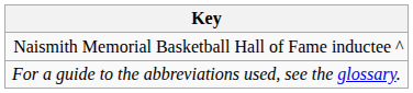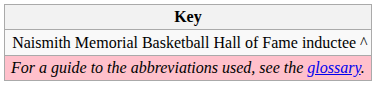 <table class="wikitable">
 <tr>
 <th colspan=2>Key</th>
 </tr>
 <tr>
 <td style="text-align:center;">  Naismith Memorial Basketball Hall of Fame inductee ^<br></td>
 </tr>
 <tr>
-<td colspan="1" style="text-align:center;"><em>For a guide to the abbreviations used, see the <a href='#'>glossary</a>.</em></td>
+<td colspan="1" style="background: pink; text-align:center;"><em>For a guide to the abbreviations used, see the <a href='#'>glossary</a>.</em></td>
 </tr>
 </table>
